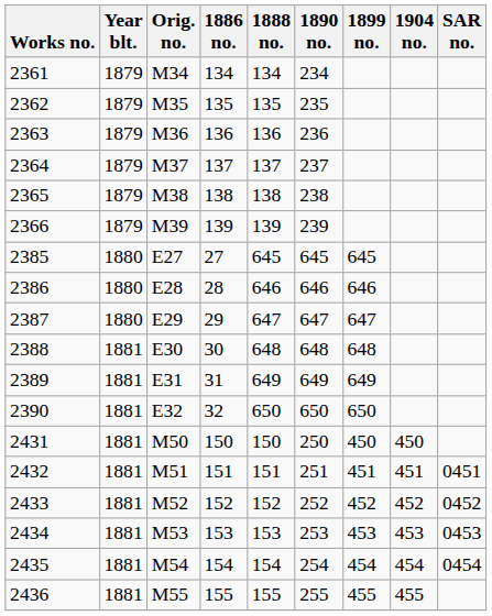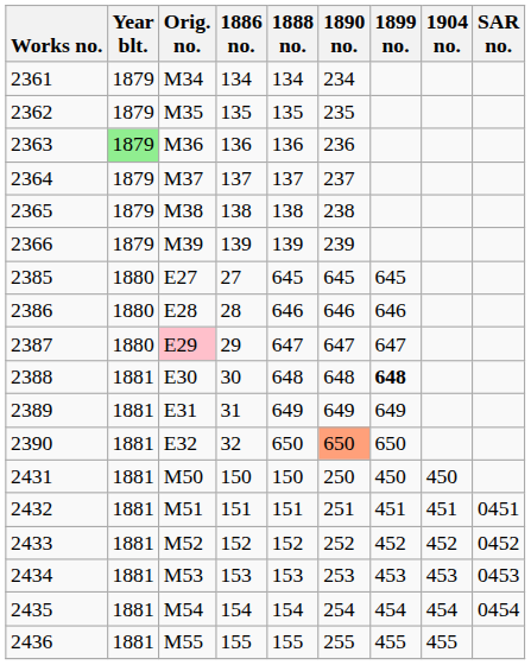 <table class="wikitable collapsible collapsed sortable" style="margin:0.5em auto; font-size:100%;">
 <tr>
 <th><br>Works no.</th>
 <th>Year<br>blt.</th>
 <th>Orig.<br>no.</th>
 <th>1886<br>no.</th>
 <th>1888<br>no.</th>
 <th>1890<br>no.</th>
 <th>1899<br>no.</th>
 <th>1904<br>no.</th>
 <th>SAR<br>no.</th>
 </tr>
 <tr>
 <td>2361</td>
 <td>1879</td>
 <td>M34</td>
 <td>134</td>
 <td>134</td>
 <td>234</td>
 <td></td>
 <td></td>
 <td></td>
 </tr>
 <tr>
 <td>2362</td>
 <td>1879</td>
 <td>M35</td>
 <td>135</td>
 <td>135</td>
 <td>235</td>
 <td></td>
 <td></td>
 <td></td>
 </tr>
 <tr>
 <td>2363</td>
-<td>1879</td>
+<td style="background: lightgreen;">1879</td>
 <td>M36</td>
 <td>136</td>
 <td>136</td>
 <td>236</td>
 <td></td>
 <td></td>
 <td></td>
 </tr>
 <tr>
 <td>2364</td>
 <td>1879</td>
 <td>M37</td>
 <td>137</td>
 <td>137</td>
 <td>237</td>
 <td></td>
 <td></td>
 <td></td>
 </tr>
 <tr>
 <td>2365</td>
 <td>1879</td>
 <td>M38</td>
 <td>138</td>
 <td>138</td>
 <td>238</td>
 <td></td>
 <td></td>
 <td></td>
 </tr>
 <tr>
 <td>2366</td>
 <td>1879</td>
 <td>M39</td>
 <td>139</td>
 <td>139</td>
 <td>239</td>
 <td></td>
 <td></td>
 <td></td>
 </tr>
 <tr>
 <td>2385</td>
 <td>1880</td>
 <td>E27</td>
 <td>27</td>
 <td>645</td>
 <td>645</td>
 <td>645</td>
 <td></td>
 <td></td>
 </tr>
 <tr>
 <td>2386</td>
 <td>1880</td>
 <td>E28</td>
 <td>28</td>
 <td>646</td>
 <td>646</td>
 <td>646</td>
 <td></td>
 <td></td>
 </tr>
 <tr>
 <td>2387</td>
 <td>1880</td>
-<td>E29</td>
+<td style="background: pink;">E29</td>
 <td>29</td>
 <td>647</td>
 <td>647</td>
 <td>647</td>
 <td></td>
 <td></td>
 </tr>
 <tr>
 <td>2388</td>
 <td>1881</td>
 <td>E30</td>
 <td>30</td>
 <td>648</td>
 <td>648</td>
-<td>648</td>
+<td><strong>648</strong></td>
 <td></td>
 <td></td>
 </tr>
 <tr>
 <td>2389</td>
 <td>1881</td>
 <td>E31</td>
 <td>31</td>
 <td>649</td>
 <td>649</td>
 <td>649</td>
 <td></td>
 <td></td>
 </tr>
 <tr>
 <td>2390</td>
 <td>1881</td>
 <td>E32</td>
 <td>32</td>
 <td>650</td>
-<td>650</td>
+<td style="background: lightsalmon;">650</td>
 <td>650</td>
 <td></td>
 <td></td>
 </tr>
 <tr>
 <td>2431</td>
 <td>1881</td>
 <td>M50</td>
 <td>150</td>
 <td>150</td>
 <td>250</td>
 <td>450</td>
 <td>450</td>
 <td></td>
 </tr>
 <tr>
 <td>2432</td>
 <td>1881</td>
 <td>M51</td>
 <td>151</td>
 <td>151</td>
 <td>251</td>
 <td>451</td>
 <td>451</td>
 <td>0451</td>
 </tr>
 <tr>
 <td>2433</td>
 <td>1881</td>
 <td>M52</td>
 <td>152</td>
 <td>152</td>
 <td>252</td>
 <td>452</td>
 <td>452</td>
 <td>0452</td>
 </tr>
 <tr>
 <td>2434</td>
 <td>1881</td>
 <td>M53</td>
 <td>153</td>
 <td>153</td>
 <td>253</td>
 <td>453</td>
 <td>453</td>
 <td>0453</td>
 </tr>
 <tr>
 <td>2435</td>
 <td>1881</td>
 <td>M54</td>
 <td>154</td>
 <td>154</td>
 <td>254</td>
 <td>454</td>
 <td>454</td>
 <td>0454</td>
 </tr>
 <tr>
 <td>2436</td>
 <td>1881</td>
 <td>M55</td>
 <td>155</td>
 <td>155</td>
 <td>255</td>
 <td>455</td>
 <td>455</td>
 <td></td>
 </tr>
 <tr>
 </tr>
 </table>
